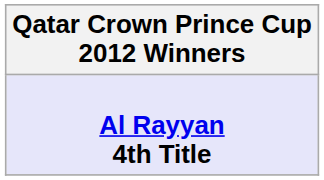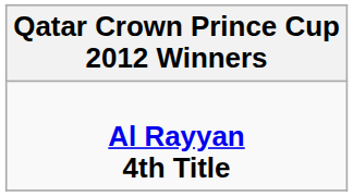 <table class="wikitable" style="text-align: center; margin: 0 auto;">
 <tr>
 <th>Qatar Crown Prince Cup <br>2012 Winners</th>
 </tr>
 <tr>
-<td style="background: lavender;"><br><strong><a href='#'>Al Rayyan</a></strong><br><strong>4th Title</strong></td>
+<td><br><strong><a href='#'>Al Rayyan</a></strong><br><strong>4th Title</strong></td>
 </tr>
 </table>
